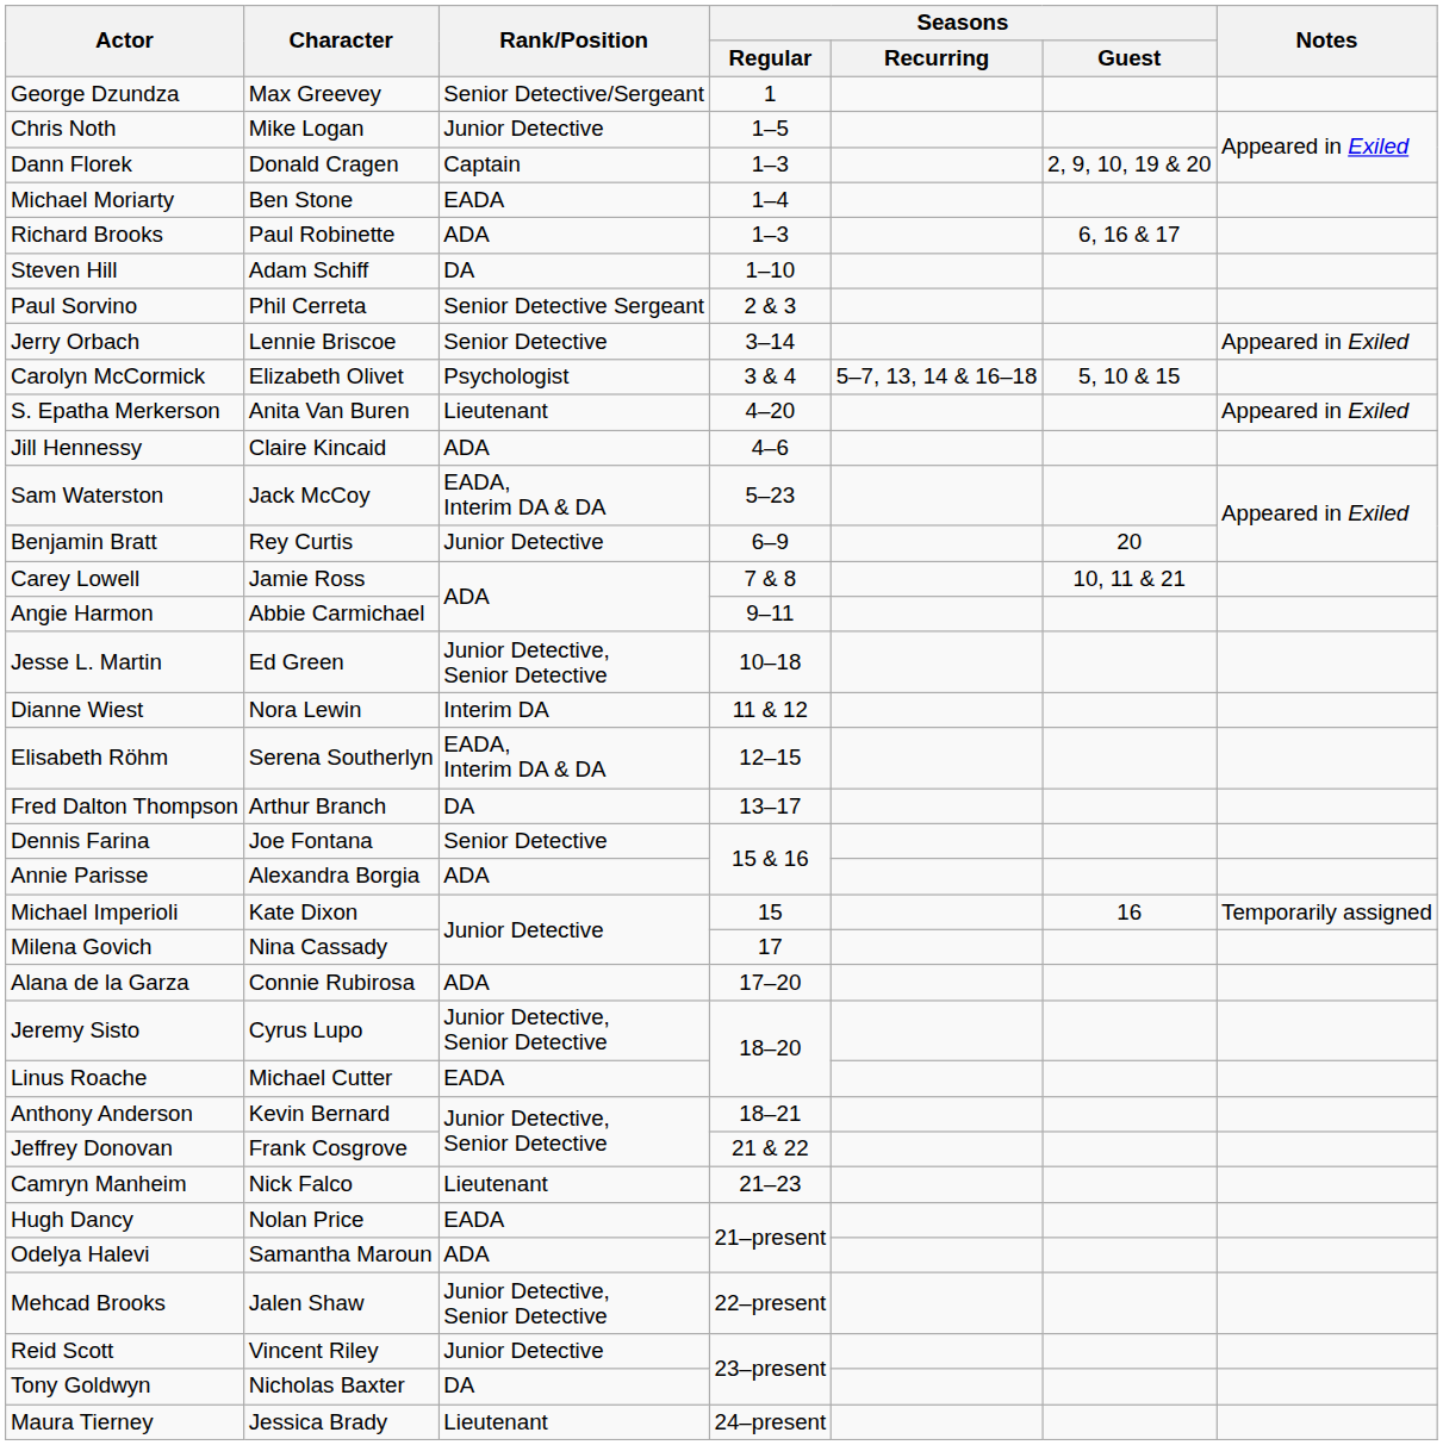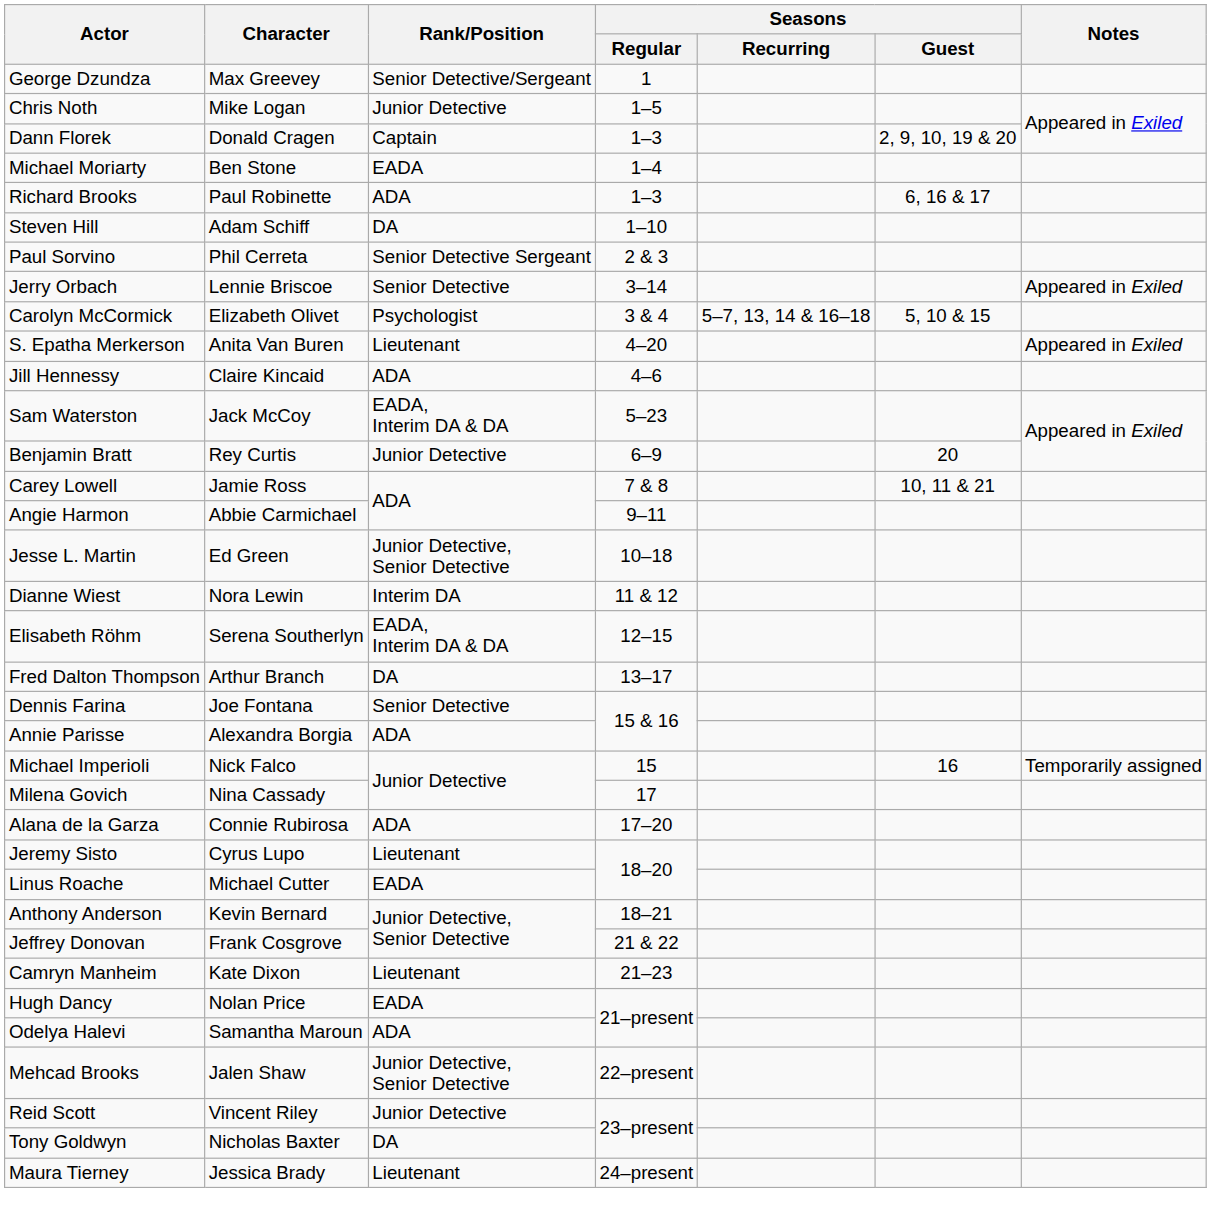 <table class="wikitable plainrowheaders sortable">
 <tr>
 <th scope="col" rowspan=2>Actor</th>
 <th scope="col" rowspan=2>Character</th>
 <th scope="col" rowspan=2>Rank/Position</th>
 <th scope="col" colspan=3>Seasons</th>
 <th scope="col" rowspan=2>Notes</th>
 </tr>
 <tr>
 <th scope="col">Regular</th>
 <th scope="col">Recurring</th>
 <th scope="col">Guest</th>
 </tr>
 <tr>
 <td>George Dzundza</td>
 <td>Max Greevey</td>
 <td>Senior Detective/Sergeant</td>
 <td style="text-align:center;">1</td>
 <td style="text-align:center;"></td>
 <td style="text-align:center;"></td>
 <td></td>
 </tr>
 <tr>
 <td>Chris Noth</td>
 <td>Mike Logan</td>
 <td>Junior Detective</td>
 <td style="text-align:center;">1–5</td>
 <td style="text-align:center;"></td>
 <td style="text-align:center;"></td>
 <td rowspan=2>Appeared in <em><a href='#'>Exiled</a></em></td>
 </tr>
 <tr>
 <td>Dann Florek</td>
 <td>Donald Cragen</td>
 <td>Captain</td>
 <td style="text-align:center;">1–3</td>
 <td style="text-align:center;"></td>
 <td style="text-align:center;">2, 9, 10, 19 & 20</td>
 </tr>
 <tr>
 <td>Michael Moriarty</td>
 <td>Ben Stone</td>
 <td>EADA</td>
 <td style="text-align:center;">1–4</td>
 <td style="text-align:center;"></td>
 <td style="text-align:center;"></td>
 <td></td>
 </tr>
 <tr>
 <td>Richard Brooks</td>
 <td>Paul Robinette</td>
 <td>ADA</td>
 <td style="text-align:center;">1–3</td>
 <td style="text-align:center;"></td>
 <td style="text-align:center;">6, 16 & 17</td>
 <td></td>
 </tr>
 <tr>
 <td>Steven Hill</td>
 <td>Adam Schiff</td>
 <td>DA</td>
 <td style="text-align:center;">1–10</td>
 <td style="text-align:center;"></td>
 <td style="text-align:center;"></td>
 <td></td>
 </tr>
 <tr>
 <td>Paul Sorvino</td>
 <td>Phil Cerreta</td>
 <td>Senior Detective Sergeant</td>
 <td style="text-align:center;">2 & 3</td>
 <td style="text-align:center;"></td>
 <td style="text-align:center;"></td>
 <td></td>
 </tr>
 <tr>
 <td>Jerry Orbach</td>
 <td>Lennie Briscoe</td>
 <td>Senior Detective</td>
 <td style="text-align:center;">3–14</td>
 <td style="text-align:center;"></td>
 <td style="text-align:center;"></td>
 <td>Appeared in <em>Exiled</em></td>
 </tr>
 <tr>
 <td>Carolyn McCormick</td>
 <td>Elizabeth Olivet</td>
 <td>Psychologist</td>
 <td style="text-align:center;">3 & 4</td>
 <td style="text-align:center;">5–7, 13, 14 & 16–18</td>
 <td style="text-align:center;">5, 10 & 15</td>
 <td></td>
 </tr>
 <tr>
 <td>S. Epatha Merkerson</td>
 <td>Anita Van Buren</td>
 <td>Lieutenant</td>
 <td style="text-align:center;">4–20</td>
 <td style="text-align:center;"></td>
 <td style="text-align:center;"></td>
 <td>Appeared in <em>Exiled</em></td>
 </tr>
 <tr>
 <td>Jill Hennessy</td>
 <td>Claire Kincaid</td>
 <td>ADA</td>
 <td style="text-align:center;">4–6</td>
 <td style="text-align:center;"></td>
 <td style="text-align:center;"></td>
 <td></td>
 </tr>
 <tr>
 <td>Sam Waterston</td>
 <td>Jack McCoy</td>
 <td>EADA,<br>Interim DA & DA</td>
 <td style="text-align:center;">5–23</td>
 <td style="text-align:center;"></td>
 <td style="text-align:center;"></td>
 <td rowspan=2>Appeared in <em>Exiled</em></td>
 </tr>
 <tr>
 <td>Benjamin Bratt</td>
 <td>Rey Curtis</td>
 <td>Junior Detective</td>
 <td style="text-align:center;">6–9</td>
 <td style="text-align:center;"></td>
 <td style="text-align:center;">20</td>
 </tr>
 <tr>
 <td>Carey Lowell</td>
 <td>Jamie Ross</td>
 <td rowspan=2>ADA</td>
 <td style="text-align:center;">7 & 8</td>
 <td style="text-align:center;"></td>
 <td style="text-align:center;">10, 11 & 21</td>
 <td></td>
 </tr>
 <tr>
 <td>Angie Harmon</td>
 <td>Abbie Carmichael</td>
 <td style="text-align:center;">9–11</td>
 <td style="text-align:center;"></td>
 <td style="text-align:center;"></td>
 <td></td>
 </tr>
 <tr>
 <td>Jesse L. Martin</td>
 <td>Ed Green</td>
 <td>Junior Detective,<br>Senior Detective</td>
 <td style="text-align:center;">10–18</td>
 <td style="text-align:center;"></td>
 <td style="text-align:center;"></td>
 <td></td>
 </tr>
 <tr>
 <td>Dianne Wiest</td>
 <td>Nora Lewin</td>
 <td>Interim DA</td>
 <td style="text-align:center;">11 & 12</td>
 <td style="text-align:center;"></td>
 <td style="text-align:center;"></td>
 <td></td>
 </tr>
 <tr>
 <td>Elisabeth Röhm</td>
 <td>Serena Southerlyn</td>
 <td>EADA,<br>Interim DA & DA</td>
 <td style="text-align:center;">12–15</td>
 <td style="text-align:center;"></td>
 <td style="text-align:center;"></td>
 <td></td>
 </tr>
 <tr>
 <td>Fred Dalton Thompson</td>
 <td>Arthur Branch</td>
 <td>DA</td>
 <td style="text-align:center;">13–17</td>
 <td style="text-align:center;"></td>
 <td style="text-align:center;"></td>
 <td></td>
 </tr>
 <tr>
 <td>Dennis Farina</td>
 <td>Joe Fontana</td>
 <td>Senior Detective</td>
 <td style="text-align:center;" rowspan=2>15 & 16</td>
 <td style="text-align:center;"></td>
 <td style="text-align:center;"></td>
 <td></td>
 </tr>
 <tr>
 <td>Annie Parisse</td>
 <td>Alexandra Borgia</td>
 <td>ADA</td>
 <td style="text-align:center;"></td>
 <td style="text-align:center;"></td>
 <td></td>
 </tr>
 <tr>
 <td>Michael Imperioli</td>
-<td>Kate Dixon</td>
+<td>Nick Falco</td>
 <td rowspan=2>Junior Detective</td>
 <td style="text-align:center;">15</td>
 <td style="text-align:center;"></td>
 <td style="text-align:center;">16</td>
 <td>Temporarily assigned</td>
 </tr>
 <tr>
 <td>Milena Govich</td>
 <td>Nina Cassady</td>
 <td style="text-align:center;">17</td>
 <td style="text-align:center;"></td>
 <td style="text-align:center;"></td>
 <td></td>
 </tr>
 <tr>
 <td>Alana de la Garza</td>
 <td>Connie Rubirosa</td>
 <td>ADA</td>
 <td style="text-align:center;">17–20</td>
 <td style="text-align:center;"></td>
 <td style="text-align:center;"></td>
 <td></td>
 </tr>
 <tr>
 <td>Jeremy Sisto</td>
 <td>Cyrus Lupo</td>
-<td>Junior Detective,<br>Senior Detective</td>
+<td>Lieutenant</td>
 <td style="text-align:center;" rowspan=2>18–20</td>
 <td style="text-align:center;"></td>
 <td style="text-align:center;"></td>
 <td></td>
 </tr>
 <tr>
 <td>Linus Roache</td>
 <td>Michael Cutter</td>
 <td>EADA</td>
 <td style="text-align:center;"></td>
 <td style="text-align:center;"></td>
 <td></td>
 </tr>
 <tr>
 <td>Anthony Anderson</td>
 <td>Kevin Bernard</td>
 <td rowspan=2>Junior Detective,<br>Senior Detective</td>
 <td style="text-align:center;">18–21</td>
 <td style="text-align:center;"></td>
 <td style="text-align:center;"></td>
 <td></td>
 </tr>
 <tr>
 <td>Jeffrey Donovan</td>
 <td>Frank Cosgrove</td>
 <td style="text-align:center;">21 & 22</td>
 <td style="text-align:center;"></td>
 <td style="text-align:center;"></td>
 <td></td>
 </tr>
 <tr>
 <td>Camryn Manheim</td>
-<td>Nick Falco</td>
+<td>Kate Dixon</td>
 <td>Lieutenant</td>
 <td style="text-align:center;">21–23</td>
 <td style="text-align:center;"></td>
 <td style="text-align:center;"></td>
 <td></td>
 </tr>
 <tr>
 <td>Hugh Dancy</td>
 <td>Nolan Price</td>
 <td>EADA</td>
 <td style="text-align:center;" rowspan=2>21–present</td>
 <td style="text-align:center;"></td>
 <td style=“text-align:center;”></td>
 <td></td>
 </tr>
 <tr>
 <td>Odelya Halevi</td>
 <td>Samantha Maroun</td>
 <td>ADA</td>
 <td style="text-align:center;"></td>
 <td style="text-align:center;"></td>
 <td></td>
 </tr>
 <tr>
 <td>Mehcad Brooks</td>
 <td>Jalen Shaw</td>
 <td>Junior Detective,<br>Senior Detective</td>
 <td style="text-align:center;">22–present</td>
 <td style="text-align:center;"></td>
 <td style="text-align:center;"></td>
 <td></td>
 </tr>
 <tr>
 <td>Reid Scott</td>
 <td>Vincent Riley</td>
 <td>Junior Detective</td>
 <td style="text-align:center;" rowspan=2>23–present</td>
 <td style="text-align:center;"></td>
 <td style="text-align:center;"></td>
 <td></td>
 </tr>
 <tr>
 <td>Tony Goldwyn</td>
 <td>Nicholas Baxter</td>
 <td>DA</td>
 <td style="text-align:center;"></td>
 <td style="text-align:center;"></td>
 <td></td>
 </tr>
 <tr>
 <td>Maura Tierney</td>
 <td>Jessica Brady</td>
 <td>Lieutenant</td>
 <td style="text-align:center;">24–present</td>
 <td style="text-align:center;"></td>
 <td style="text-align:center;"></td>
 <td></td>
 </tr>
 </table>
